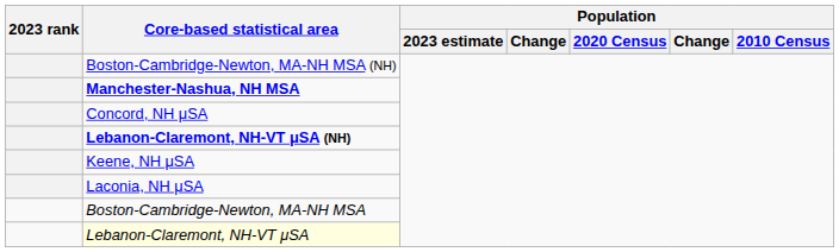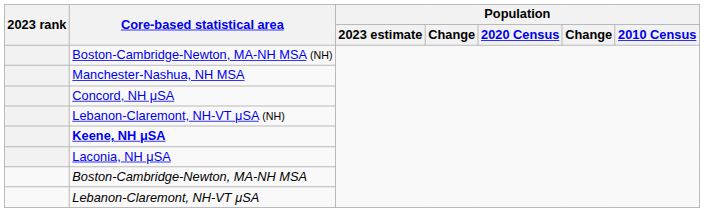 <table class="wikitable sortable">
 <tr>
 <th scope=col rowspan=2>2023 rank</th>
 <th scope=col rowspan=2><a href='#'>Core-based statistical area</a></th>
 <th colspan=5>Population</th>
 </tr>
 <tr>
 <th scope=col>2023 estimate</th>
 <th scope=col>Change</th>
 <th scope=col><a href='#'>2020 Census</a></th>
 <th scope=col>Change</th>
 <th scope=col><a href='#'>2010 Census</a></th>
 </tr>
 <tr>
 <th scope=row></th>
 <td><a href='#'>Boston-Cambridge-Newton, MA-NH MSA</a> <small>(NH)</small><br></td>
 </tr>
 <tr>
 <th scope=row></th>
-<td><strong><a href='#'>Manchester-Nashua, NH MSA</a><br></strong></td>
+<td><a href='#'>Manchester-Nashua, NH MSA</a><br></td>
 </tr>
 <tr>
 <th scope=row></th>
 <td><a href='#'>Concord, NH μSA</a><br></td>
 </tr>
 <tr>
 <th scope=row></th>
-<td><strong><a href='#'>Lebanon-Claremont, NH-VT μSA</a> <small>(NH)</small><br></strong></td>
+<td><a href='#'>Lebanon-Claremont, NH-VT μSA</a> <small>(NH)</small><br></td>
 </tr>
 <tr>
 <th scope=row></th>
-<td><a href='#'>Keene, NH μSA</a><br></td>
+<td><strong><a href='#'>Keene, NH μSA</a><br></strong></td>
 </tr>
 <tr>
 <th scope=row></th>
 <td><a href='#'>Laconia, NH μSA</a><br></td>
 </tr>
 <tr>
 <td></td>
 <td><em><span>Boston-Cambridge-Newton, MA-NH MSA</span></em><br></td>
 </tr>
 <tr>
 <td></td>
-<td style="background: lightyellow;"><em><span>Lebanon-Claremont, NH-VT μSA</span></em><br></td>
+<td><em><span>Lebanon-Claremont, NH-VT μSA</span></em><br></td>
 </tr>
 </table>
